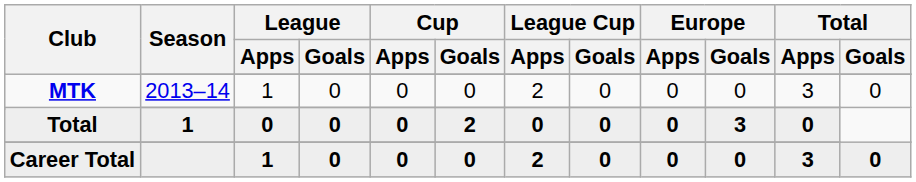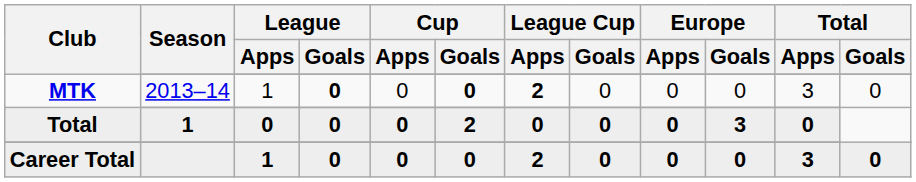 <table class="wikitable" style="font-size:90%; text-align: center;">
 <tr>
 <th rowspan="2">Club</th>
 <th rowspan="2">Season</th>
 <th colspan="2">League</th>
 <th colspan="2">Cup</th>
 <th colspan="2">League Cup</th>
 <th colspan="2">Europe</th>
 <th colspan="2">Total</th>
 </tr>
 <tr>
 <th>Apps</th>
 <th>Goals</th>
 <th>Apps</th>
 <th>Goals</th>
 <th>Apps</th>
 <th>Goals</th>
 <th>Apps</th>
 <th>Goals</th>
 <th>Apps</th>
 <th>Goals</th>
 </tr>
 <tr ||-||-||-|->
 <td rowspan="3" valign="center"><strong><a href='#'>MTK</a></strong></td>
 </tr>
 <tr>
 <td><a href='#'>2013–14</a></td>
 <td>1</td>
+<td><strong>0</strong></td>
 <td>0</td>
-<td>0</td>
-<td>0</td>
-<td>2</td>
+<td><strong>0</strong></td>
+<td><strong>2</strong></td>
 <td>0</td>
 <td>0</td>
 <td>0</td>
 <td>3</td>
 <td>0</td>
 </tr>
 <tr>
 </tr>
 <tr style="font-weight:bold; background-color:#eeeeee;">
 <td>Total</td>
 <td>1</td>
 <td>0</td>
 <td>0</td>
 <td>0</td>
 <td>2</td>
 <td>0</td>
 <td>0</td>
 <td>0</td>
 <td>3</td>
 <td>0</td>
 </tr>
 <tr>
 </tr>
 <tr style="font-weight:bold; background-color:#eeeeee;">
 <td rowspan="2" valign="top"><strong>Career Total</strong></td>
 <td></td>
 <td><strong>1</strong></td>
 <td><strong>0</strong></td>
 <td><strong>0</strong></td>
 <td><strong>0</strong></td>
 <td><strong>2</strong></td>
 <td><strong>0</strong></td>
 <td><strong>0</strong></td>
 <td><strong>0</strong></td>
 <td><strong>3</strong></td>
 <td><strong>0</strong></td>
 </tr>
 </table>
